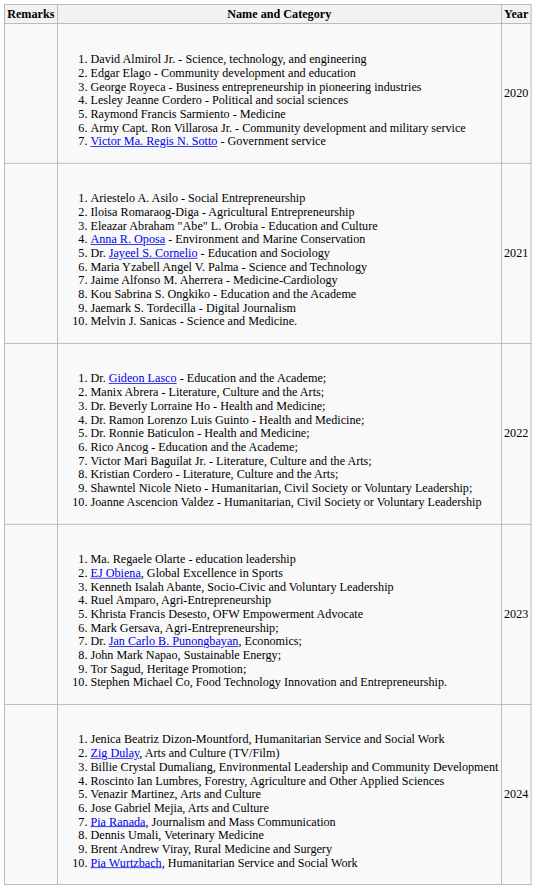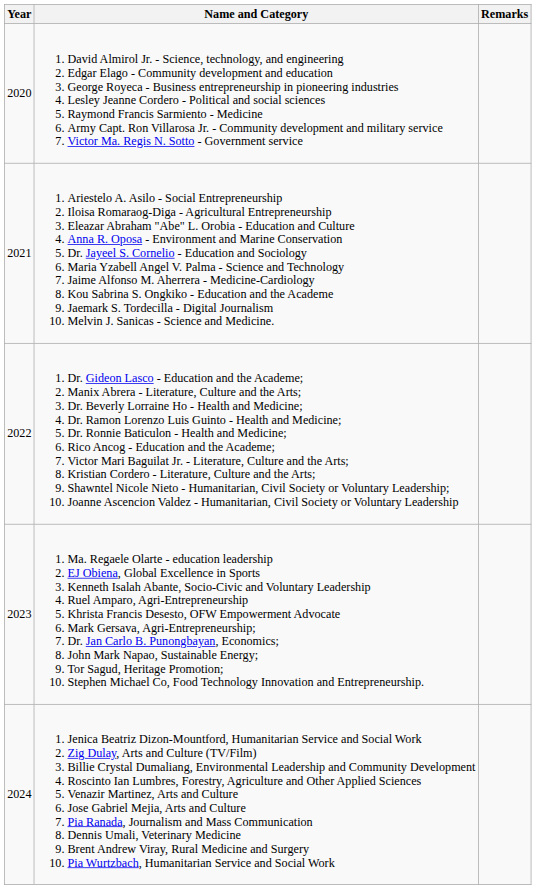 <table class="wikitable">
 <tr>
+<th>Year</th>
+<th>Name and Category</th>
 <th>Remarks</th>
-<th>Name and Category</th>
-<th>Year</th>
 </tr>
 <tr>
+<td>2020</td>
+<td><br><ol><li>David Almirol Jr. - Science, technology, and engineering</li><li>Edgar Elago - Community development and education</li><li>George Royeca - Business entrepreneurship in pioneering industries</li><li>Lesley Jeanne Cordero - Political and social sciences</li><li>Raymond Francis Sarmiento - Medicine</li><li>Army Capt. Ron Villarosa Jr. - Community development and military service</li><li><a href='#'>Victor Ma. Regis N. Sotto</a> - Government service</li></ol></td>
 <td></td>
-<td><br><ol><li>David Almirol Jr. - Science, technology, and engineering</li><li>Edgar Elago - Community development and education</li><li>George Royeca - Business entrepreneurship in pioneering industries</li><li>Lesley Jeanne Cordero - Political and social sciences</li><li>Raymond Francis Sarmiento - Medicine</li><li>Army Capt. Ron Villarosa Jr. - Community development and military service</li><li><a href='#'>Victor Ma. Regis N. Sotto</a> - Government service</li></ol></td>
-<td>2020</td>
 </tr>
 <tr>
+<td>2021</td>
+<td><br><ol><li>Ariestelo A. Asilo - Social Entrepreneurship</li><li>Iloisa Romaraog-Diga - Agricultural Entrepreneurship</li><li>Eleazar Abraham "Abe" L. Orobia - Education and Culture</li><li><a href='#'>Anna R. Oposa</a> - Environment and Marine Conservation</li><li>Dr. <a href='#'>Jayeel S. Cornelio</a> - Education and Sociology</li><li>Maria Yzabell Angel V. Palma - Science and Technology</li><li>Jaime Alfonso M. Aherrera - Medicine-Cardiology</li><li>Kou Sabrina S. Ongkiko - Education and the Academe</li><li>Jaemark S. Tordecilla - Digital Journalism</li><li>Melvin J. Sanicas - Science and Medicine.</li></ol></td>
 <td></td>
-<td><br><ol><li>Ariestelo A. Asilo - Social Entrepreneurship</li><li>Iloisa Romaraog-Diga - Agricultural Entrepreneurship</li><li>Eleazar Abraham "Abe" L. Orobia - Education and Culture</li><li><a href='#'>Anna R. Oposa</a> - Environment and Marine Conservation</li><li>Dr. <a href='#'>Jayeel S. Cornelio</a> - Education and Sociology</li><li>Maria Yzabell Angel V. Palma - Science and Technology</li><li>Jaime Alfonso M. Aherrera - Medicine-Cardiology</li><li>Kou Sabrina S. Ongkiko - Education and the Academe</li><li>Jaemark S. Tordecilla - Digital Journalism</li><li>Melvin J. Sanicas - Science and Medicine.</li></ol></td>
-<td>2021</td>
 </tr>
 <tr>
+<td>2022</td>
+<td><br><ol><li>Dr. <a href='#'>Gideon Lasco</a> -  Education and the Academe;</li><li>Manix Abrera - Literature, Culture and the Arts;</li><li>Dr. Beverly Lorraine Ho - Health and Medicine;</li><li>Dr. Ramon Lorenzo Luis Guinto - Health and Medicine;</li><li>Dr. Ronnie Baticulon - Health and Medicine;</li><li>Rico Ancog - Education and the Academe;</li><li>Victor Mari Baguilat Jr. - Literature, Culture and the Arts;</li><li>Kristian Cordero - Literature, Culture and the Arts;</li><li>Shawntel Nicole Nieto - Humanitarian, Civil Society or Voluntary Leadership;</li><li>Joanne Ascencion Valdez - Humanitarian, Civil Society or Voluntary Leadership</li></ol></td>
 <td></td>
-<td><br><ol><li>Dr. <a href='#'>Gideon Lasco</a> -  Education and the Academe;</li><li>Manix Abrera - Literature, Culture and the Arts;</li><li>Dr. Beverly Lorraine Ho - Health and Medicine;</li><li>Dr. Ramon Lorenzo Luis Guinto - Health and Medicine;</li><li>Dr. Ronnie Baticulon - Health and Medicine;</li><li>Rico Ancog - Education and the Academe;</li><li>Victor Mari Baguilat Jr. - Literature, Culture and the Arts;</li><li>Kristian Cordero - Literature, Culture and the Arts;</li><li>Shawntel Nicole Nieto - Humanitarian, Civil Society or Voluntary Leadership;</li><li>Joanne Ascencion Valdez - Humanitarian, Civil Society or Voluntary Leadership</li></ol></td>
-<td>2022</td>
 </tr>
 <tr>
+<td>2023</td>
+<td><br><ol><li>Ma. Regaele Olarte - education leadership</li><li><a href='#'>EJ Obiena</a>, Global Excellence in Sports</li><li>Kenneth Isalah Abante, Socio-Civic and Voluntary Leadership</li><li>Ruel Amparo, Agri-Entrepreneurship</li><li>Khrista Francis Desesto, OFW Empowerment Advocate</li><li>Mark Gersava, Agri-Entrepreneurship;</li><li>Dr. <a href='#'>Jan Carlo B. Punongbayan</a>, Economics;</li><li>John Mark Napao, Sustainable Energy;</li><li>Tor Sagud, Heritage Promotion;</li><li>Stephen Michael Co, Food Technology Innovation and Entrepreneurship.</li></ol></td>
 <td></td>
-<td><br><ol><li>Ma. Regaele Olarte - education leadership</li><li><a href='#'>EJ Obiena</a>, Global Excellence in Sports</li><li>Kenneth Isalah Abante, Socio-Civic and Voluntary Leadership</li><li>Ruel Amparo, Agri-Entrepreneurship</li><li>Khrista Francis Desesto, OFW Empowerment Advocate</li><li>Mark Gersava, Agri-Entrepreneurship;</li><li>Dr. <a href='#'>Jan Carlo B. Punongbayan</a>, Economics;</li><li>John Mark Napao, Sustainable Energy;</li><li>Tor Sagud, Heritage Promotion;</li><li>Stephen Michael Co, Food Technology Innovation and Entrepreneurship.</li></ol></td>
-<td>2023</td>
 </tr>
 <tr>
+<td>2024</td>
+<td><br><ol><li>Jenica Beatriz Dizon-Mountford, Humanitarian Service and Social Work</li><li><a href='#'>Zig Dulay</a>, Arts and Culture (TV/Film)</li><li>Billie Crystal Dumaliang, Environmental Leadership and Community Development</li><li>Roscinto Ian Lumbres, Forestry, Agriculture and Other Applied Sciences</li><li>Venazir Martinez, Arts and Culture</li><li>Jose Gabriel Mejia, Arts and Culture</li><li><a href='#'>Pia Ranada</a>, Journalism and Mass Communication</li><li>Dennis Umali, Veterinary Medicine</li><li>Brent Andrew Viray, Rural Medicine and Surgery</li><li><a href='#'>Pia Wurtzbach</a>, Humanitarian Service and Social Work</li></ol></td>
 <td></td>
-<td><br><ol><li>Jenica Beatriz Dizon-Mountford, Humanitarian Service and Social Work</li><li><a href='#'>Zig Dulay</a>, Arts and Culture (TV/Film)</li><li>Billie Crystal Dumaliang, Environmental Leadership and Community Development</li><li>Roscinto Ian Lumbres, Forestry, Agriculture and Other Applied Sciences</li><li>Venazir Martinez, Arts and Culture</li><li>Jose Gabriel Mejia, Arts and Culture</li><li><a href='#'>Pia Ranada</a>, Journalism and Mass Communication</li><li>Dennis Umali, Veterinary Medicine</li><li>Brent Andrew Viray, Rural Medicine and Surgery</li><li><a href='#'>Pia Wurtzbach</a>, Humanitarian Service and Social Work</li></ol></td>
-<td>2024</td>
 </tr>
 </table>
